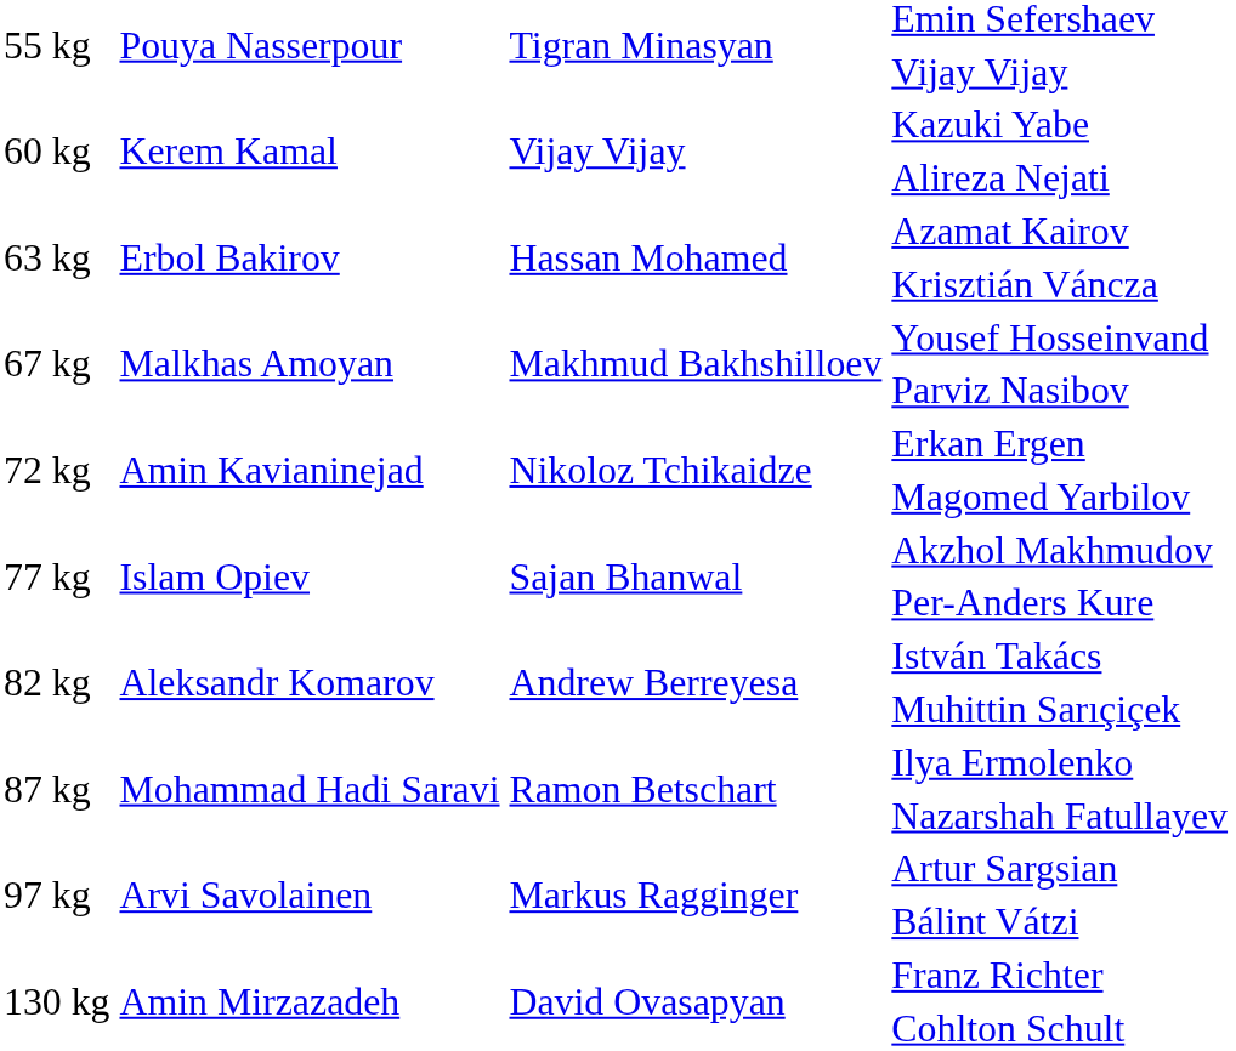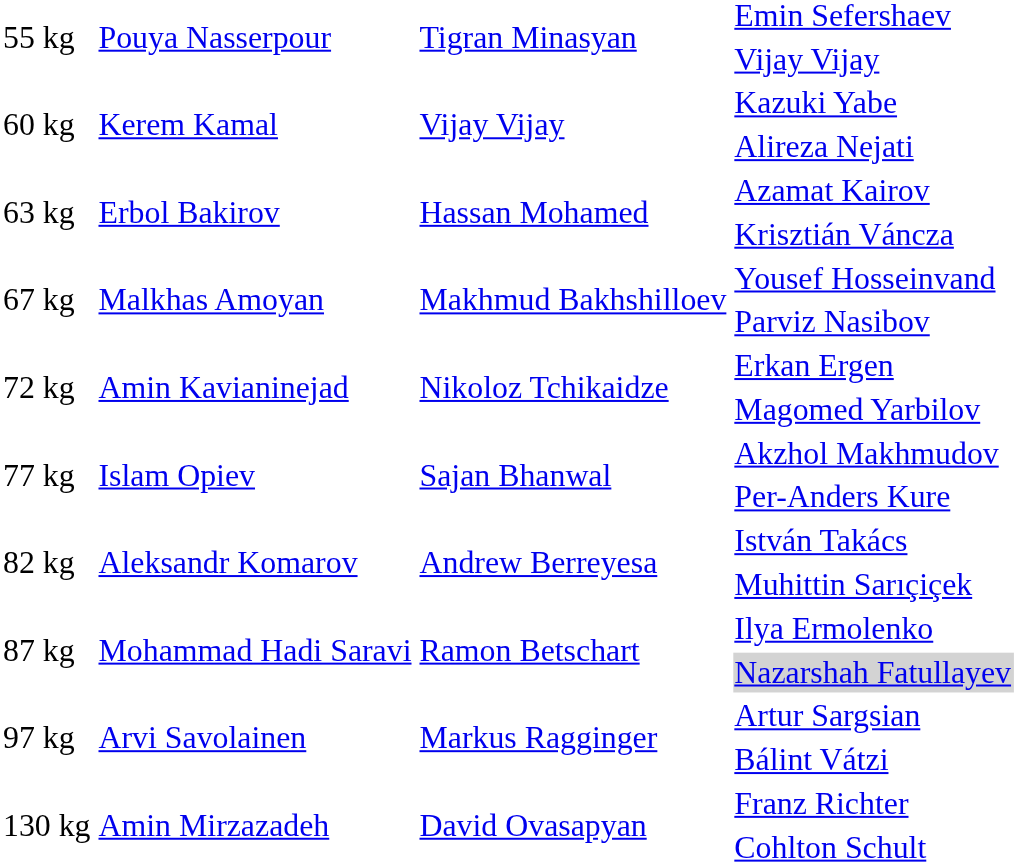 <table>
 <tr>
 <td rowspan=2>55 kg</td>
 <td rowspan=2> <a href='#'>Pouya Nasserpour</a></td>
 <td rowspan=2> <a href='#'>Tigran Minasyan</a></td>
 <td> <a href='#'>Emin Sefershaev</a></td>
 </tr>
 <tr>
 <td> <a href='#'>Vijay Vijay</a></td>
 </tr>
 <tr>
 <td rowspan=2>60 kg</td>
 <td rowspan=2> <a href='#'>Kerem Kamal</a></td>
 <td rowspan=2> <a href='#'>Vijay Vijay</a></td>
 <td> <a href='#'>Kazuki Yabe</a></td>
 </tr>
 <tr>
 <td> <a href='#'>Alireza Nejati</a></td>
 </tr>
 <tr>
 <td rowspan=2>63 kg</td>
 <td rowspan=2> <a href='#'>Erbol Bakirov</a></td>
 <td rowspan=2> <a href='#'>Hassan Mohamed</a></td>
 <td> <a href='#'>Azamat Kairov</a></td>
 </tr>
 <tr>
 <td> <a href='#'>Krisztián Váncza</a></td>
 </tr>
 <tr>
 <td rowspan=2>67 kg</td>
 <td rowspan=2> <a href='#'>Malkhas Amoyan</a></td>
 <td rowspan=2> <a href='#'>Makhmud Bakhshilloev</a></td>
 <td> <a href='#'>Yousef Hosseinvand</a></td>
 </tr>
 <tr>
 <td> <a href='#'>Parviz Nasibov</a></td>
 </tr>
 <tr>
 <td rowspan=2>72 kg</td>
 <td rowspan=2> <a href='#'>Amin Kavianinejad</a></td>
 <td rowspan=2> <a href='#'>Nikoloz Tchikaidze</a></td>
 <td> <a href='#'>Erkan Ergen</a></td>
 </tr>
 <tr>
 <td> <a href='#'>Magomed Yarbilov</a></td>
 </tr>
 <tr>
 <td rowspan=2>77 kg</td>
 <td rowspan=2> <a href='#'>Islam Opiev</a></td>
 <td rowspan=2> <a href='#'>Sajan Bhanwal</a></td>
 <td> <a href='#'>Akzhol Makhmudov</a></td>
 </tr>
 <tr>
 <td> <a href='#'>Per-Anders Kure</a></td>
 </tr>
 <tr>
 <td rowspan=2>82 kg</td>
 <td rowspan=2> <a href='#'>Aleksandr Komarov</a></td>
 <td rowspan=2> <a href='#'>Andrew Berreyesa</a></td>
 <td> <a href='#'>István Takács</a></td>
 </tr>
 <tr>
 <td> <a href='#'>Muhittin Sarıçiçek</a></td>
 </tr>
 <tr>
 <td rowspan=2>87 kg</td>
 <td rowspan=2> <a href='#'>Mohammad Hadi Saravi</a></td>
 <td rowspan=2> <a href='#'>Ramon Betschart</a></td>
 <td> <a href='#'>Ilya Ermolenko</a></td>
 </tr>
 <tr>
-<td> <a href='#'>Nazarshah Fatullayev</a></td>
+<td style="background: lightgrey;"> <a href='#'>Nazarshah Fatullayev</a></td>
 </tr>
 <tr>
 <td rowspan=2>97 kg</td>
 <td rowspan=2> <a href='#'>Arvi Savolainen</a></td>
 <td rowspan=2> <a href='#'>Markus Ragginger</a></td>
 <td> <a href='#'>Artur Sargsian</a></td>
 </tr>
 <tr>
 <td> <a href='#'>Bálint Vátzi</a></td>
 </tr>
 <tr>
 <td rowspan=2>130 kg</td>
 <td rowspan=2> <a href='#'>Amin Mirzazadeh</a></td>
 <td rowspan=2> <a href='#'>David Ovasapyan</a></td>
 <td> <a href='#'>Franz Richter</a></td>
 </tr>
 <tr>
 <td> <a href='#'>Cohlton Schult</a></td>
 </tr>
 </table>
